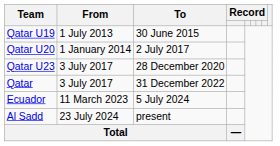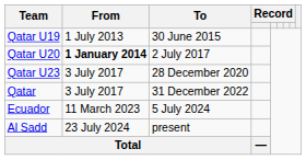 <table class=wikitable style=text-align:center>
 <tr>
 <th rowspan=2>Team</th>
 <th rowspan=2>From</th>
 <th rowspan=2>To</th>
 <th colspan=5>Record</th>
 <th rowspan=2></th>
 </tr>
 <tr>
 <th></th>
 <th></th>
 <th></th>
 <th></th>
 <th></th>
 </tr>
 <tr>
 <td align=left><a href='#'>Qatar U19</a></td>
 <td align=left>1 July 2013</td>
 <td align=left>30 June 2015<br></td>
 <td></td>
 </tr>
 <tr>
 <td align=left><a href='#'>Qatar U20</a></td>
-<td align=left>1 January 2014</td>
+<td align=left><strong>1 January 2014</strong></td>
 <td align=left>2 July 2017<br></td>
 <td></td>
 </tr>
 <tr>
 <td align=left><a href='#'>Qatar U23</a></td>
 <td align=left>3 July 2017</td>
 <td align=left>28 December 2020<br></td>
 <td></td>
 </tr>
 <tr>
 <td align=left><a href='#'>Qatar</a></td>
 <td align=left>3 July 2017</td>
 <td align=left>31 December 2022<br></td>
 <td></td>
 </tr>
 <tr>
 <td align=left><a href='#'>Ecuador</a></td>
 <td align=left>11 March 2023</td>
 <td align=left>5 July  2024<br></td>
 <td></td>
 </tr>
 <tr>
 <td align=left><a href='#'>Al Sadd</a></td>
 <td align=left>23 July 2024</td>
 <td align=left>present<br></td>
 <td></td>
 </tr>
 <tr>
 <th colspan=3>Total<br></th>
 <th>—</th>
 </tr>
 </table>
